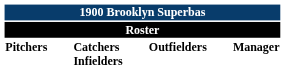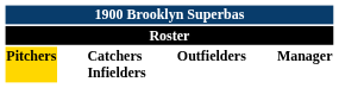 <table class="toccolours" style="font-size: 95%;">
 <tr>
 <th colspan="10" style="background-color: #083c6b; color: white; text-align: center;">1900 Brooklyn Superbas</th>
 </tr>
 <tr>
 <td colspan="10" style="background-color: black; color: white; text-align: center;"><strong>Roster</strong></td>
 </tr>
 <tr>
-<td valign="top"><strong>Pitchers</strong><br>        </td>
+<td valign="top" style="background: gold;"><strong>Pitchers</strong><br>        </td>
 <td width="25px"></td>
 <td valign="top"><strong>Catchers</strong><br>   <strong>Infielders</strong>       </td>
 <td width="25px"></td>
 <td valign="top"><strong>Outfielders</strong><br>   </td>
 <td width="25px"></td>
 <td valign="top"><strong>Manager</strong><br></td>
 </tr>
 </table>
